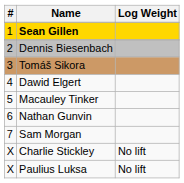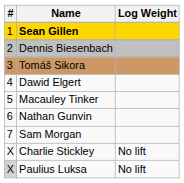 <table class="wikitable" style="display: inline-table">
 <tr>
 <th>#</th>
 <th>Name</th>
 <th>Log Weight</th>
 </tr>
 <tr>
 </tr>
 <tr style="background:gold;">
 <td>1</td>
 <td> <strong>Sean Gillen</strong></td>
 <td></td>
 </tr>
 <tr>
 </tr>
 <tr style="background:silver;">
 <td>2</td>
 <td> Dennis Biesenbach</td>
 <td></td>
 </tr>
 <tr style="background:#c96;">
 <td>3</td>
 <td> Tomáš Sikora</td>
 <td></td>
 </tr>
 <tr>
 <td>4</td>
 <td> Dawid Elgert</td>
 <td></td>
 </tr>
 <tr>
 <td>5</td>
 <td> Macauley Tinker</td>
 <td></td>
 </tr>
 <tr>
 <td>6</td>
 <td> Nathan Gunvin</td>
 <td></td>
 </tr>
 <tr>
 <td>7</td>
 <td> Sam Morgan</td>
 <td></td>
 </tr>
 <tr>
 <td>X</td>
 <td> Charlie Stickley</td>
 <td>No lift</td>
 </tr>
 <tr>
-<td>X</td>
+<td style="background: lightgrey;">X</td>
 <td> Paulius Luksa</td>
 <td>No lift</td>
 </tr>
 </table>
